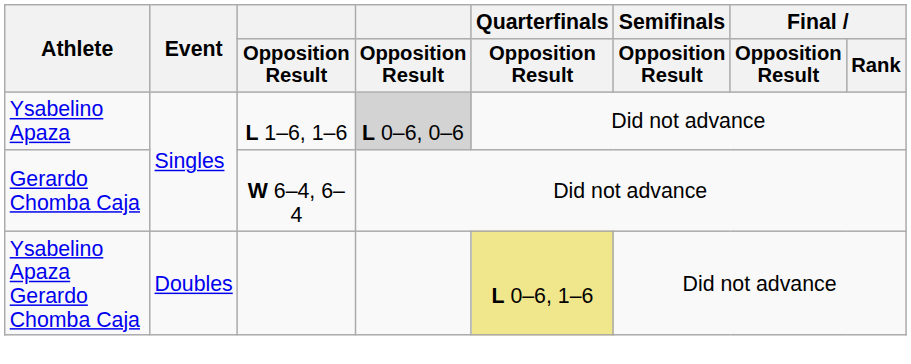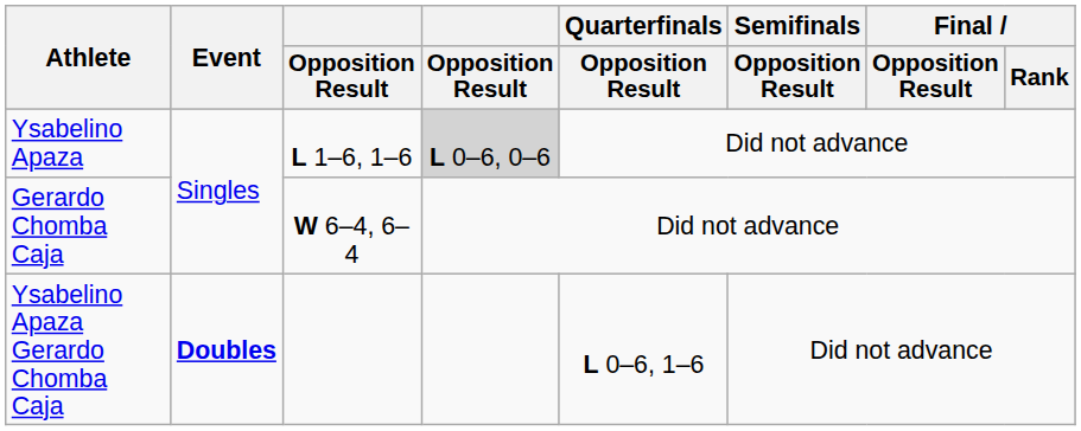 <table class="wikitable" style="font-size:90%;">
 <tr>
 <th rowspan=2>Athlete</th>
 <th rowspan=2>Event</th>
 <th></th>
 <th></th>
 <th>Quarterfinals</th>
 <th>Semifinals</th>
 <th colspan=2>Final / </th>
 </tr>
 <tr style="font-size:95%">
 <th>Opposition<br>Result</th>
 <th>Opposition<br>Result</th>
 <th>Opposition<br>Result</th>
 <th>Opposition<br>Result</th>
 <th>Opposition<br>Result</th>
 <th>Rank</th>
 </tr>
 <tr align=center>
 <td align=left><a href='#'>Ysabelino Apaza</a></td>
 <td rowspan=2 align=left><a href='#'>Singles</a></td>
 <td><br><strong>L</strong> 1–6, 1–6</td>
 <td style="background: lightgrey;"><br><strong>L</strong> 0–6, 0–6</td>
 <td colspan=4>Did not advance</td>
 </tr>
 <tr align=center>
 <td align=left><a href='#'>Gerardo Chomba Caja</a></td>
 <td><br><strong>W</strong> 6–4, 6–4</td>
 <td colspan=5>Did not advance</td>
 </tr>
 <tr align=center>
 <td align=left><a href='#'>Ysabelino Apaza</a><br><a href='#'>Gerardo Chomba Caja</a></td>
-<td align=left><a href='#'>Doubles</a></td>
+<td align=left><strong><a href='#'>Doubles</a></strong></td>
 <td></td>
 <td></td>
-<td style="background: khaki;"><br><strong>L</strong> 0–6, 1–6</td>
+<td><br><strong>L</strong> 0–6, 1–6</td>
 <td colspan=4>Did not advance</td>
 </tr>
 </table>
